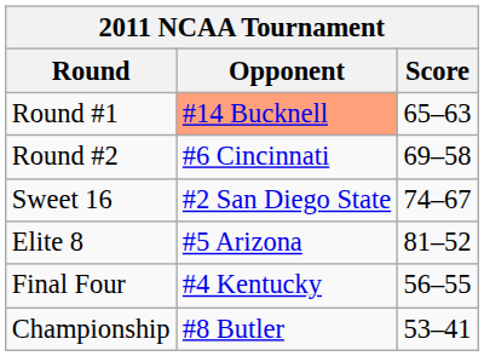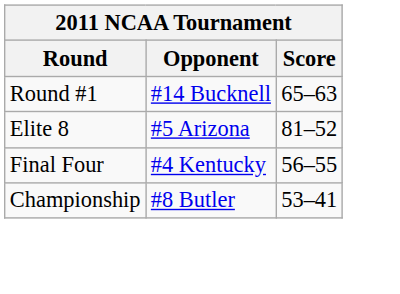 <table class="wikitable"  align="left">
 <tr>
 <th colspan="3">2011 NCAA Tournament</th>
 </tr>
 <tr>
 <th colspan="1">Round</th>
 <th colspan="1">Opponent</th>
 <th colspan="1">Score</th>
 </tr>
 <tr>
 <td>Round #1</td>
-<td style="background: lightsalmon;"><a href='#'>#14 Bucknell</a></td>
+<td><a href='#'>#14 Bucknell</a></td>
 <td>65–63</td>
-</tr>
-<tr>
-<td>Round #2</td>
-<td><a href='#'>#6 Cincinnati</a></td>
-<td>69–58</td>
-</tr>
-<tr>
-<td>Sweet 16</td>
-<td><a href='#'>#2 San Diego State</a></td>
-<td>74–67</td>
 </tr>
 <tr>
 <td>Elite 8</td>
 <td><a href='#'>#5 Arizona</a></td>
 <td>81–52</td>
 </tr>
 <tr>
 <td>Final Four</td>
 <td><a href='#'>#4 Kentucky</a></td>
 <td>56–55</td>
 </tr>
 <tr>
 <td>Championship</td>
 <td><a href='#'>#8 Butler</a></td>
 <td>53–41</td>
 </tr>
 </table>
